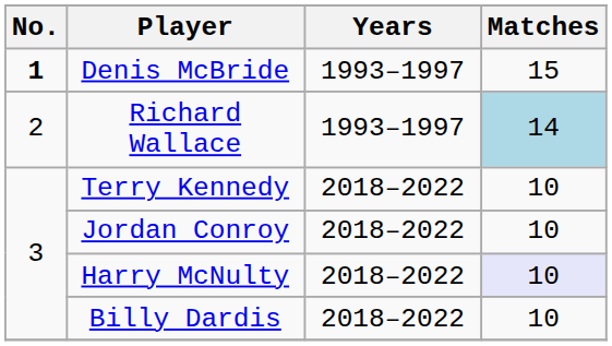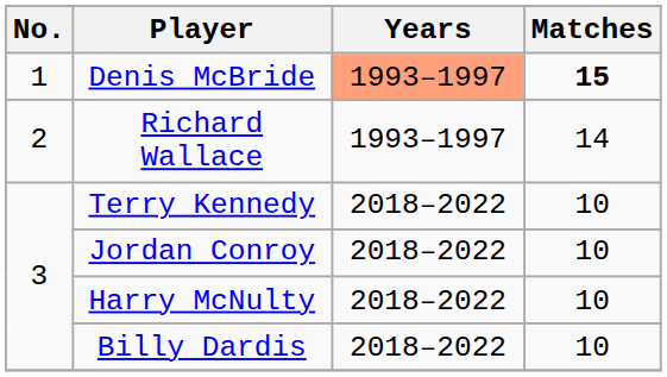 <table class="wikitable" style="text-align: center;">
 <tr>
 </tr>
 <tr>
 <th>No.</th>
 <th width=110>Player</th>
 <th width=80>Years</th>
 <th width=48>Matches</th>
 </tr>
 <tr>
-<td align=center><strong>1</strong></td>
+<td align=center>1</td>
 <td><a href='#'>Denis McBride</a></td>
-<td>1993–1997</td>
-<td align=center>15</td>
+<td style="background: lightsalmon;">1993–1997</td>
+<td align=center><strong>15</strong></td>
 </tr>
 <tr>
 <td align=center>2</td>
 <td><a href='#'>Richard Wallace</a></td>
 <td>1993–1997</td>
-<td align=center style="background: lightblue;">14</td>
+<td align=center>14</td>
 </tr>
 <tr>
 <td align=center rowspan=4>3</td>
 <td><a href='#'>Terry Kennedy</a></td>
 <td>2018–2022</td>
 <td align=center>10</td>
 </tr>
 <tr>
 <td><a href='#'>Jordan Conroy</a></td>
 <td>2018–2022</td>
 <td align=center>10</td>
 </tr>
 <tr>
 <td><a href='#'>Harry McNulty</a></td>
 <td>2018–2022</td>
-<td align=center style="background: lavender;">10</td>
+<td align=center>10</td>
 </tr>
 <tr>
 <td><a href='#'>Billy Dardis</a></td>
 <td>2018–2022</td>
 <td align=center>10</td>
 </tr>
 <tr>
 </tr>
 </table>
